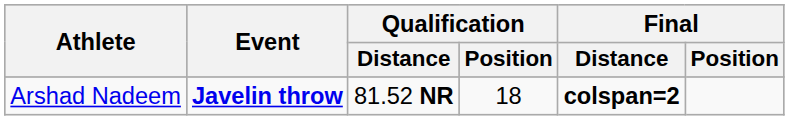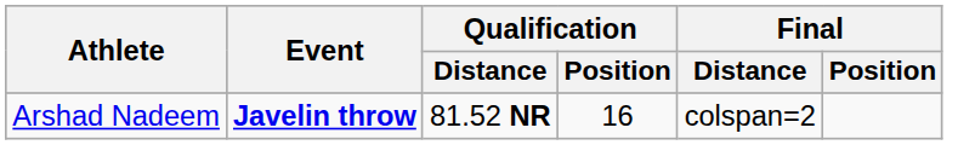 <table class=wikitable style="font-size:90%">
 <tr>
 <th rowspan="2">Athlete</th>
 <th rowspan="2">Event</th>
 <th colspan="2">Qualification</th>
 <th colspan="2">Final</th>
 </tr>
 <tr style="font-size:95%">
 <th>Distance</th>
 <th>Position</th>
 <th>Distance</th>
 <th>Position</th>
 </tr>
 <tr style=text-align:center>
 <td style=text-align:left><a href='#'>Arshad Nadeem</a></td>
 <td style=text-align:left><strong><a href='#'>Javelin throw</a></strong></td>
 <td>81.52 <strong>NR</strong></td>
-<td>18</td>
-<td><strong>colspan=2 </strong></td>
+<td>16</td>
+<td>colspan=2 </td>
 </tr>
 </table>
